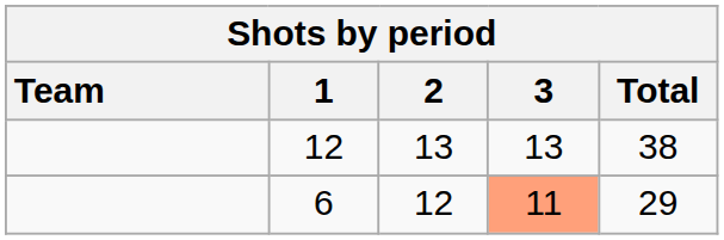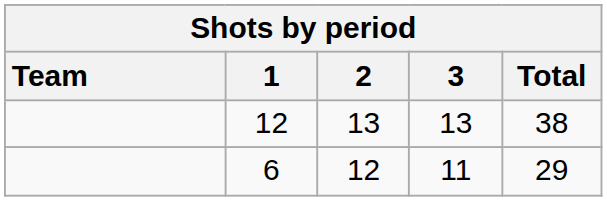 <table class="wikitable" style="width:20em; text-align:right;">
 <tr>
 <th colspan=5>Shots by period</th>
 </tr>
 <tr>
 <th style="width:8em; text-align:left;">Team</th>
 <th style="width:3em;">1</th>
 <th style="width:3em;">2</th>
 <th style="width:3em;">3</th>
 <th style="width:3em;">Total</th>
 </tr>
 <tr style="text-align:center;">
 <td style="text-align:left;"></td>
 <td>12</td>
 <td>13</td>
 <td>13</td>
 <td>38</td>
 </tr>
 <tr style="text-align:center;">
 <td style="text-align:left;"></td>
 <td>6</td>
 <td>12</td>
-<td style="background: lightsalmon;">11</td>
+<td>11</td>
 <td>29</td>
 </tr>
 </table>
